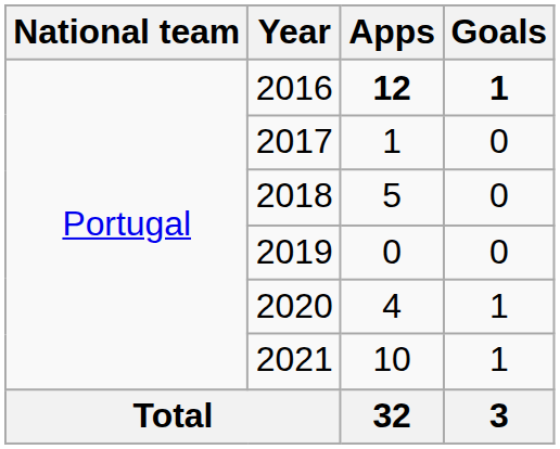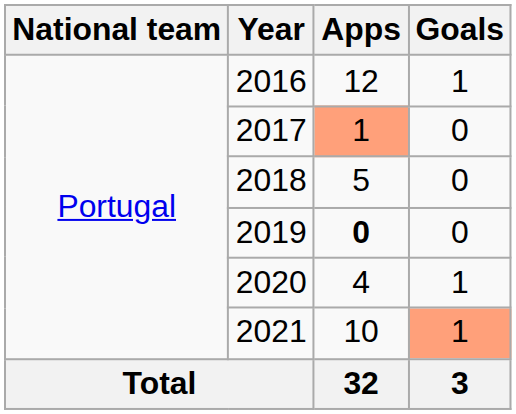 <table class="wikitable" style="text-align:center">
 <tr>
 <th>National team</th>
 <th>Year</th>
 <th>Apps</th>
 <th>Goals</th>
 </tr>
 <tr>
 <td rowspan="6"><a href='#'>Portugal</a></td>
 <td>2016</td>
-<td><strong>12</strong></td>
-<td><strong>1</strong></td>
+<td>12</td>
+<td>1</td>
 </tr>
 <tr>
 <td>2017</td>
-<td>1</td>
+<td style="background: lightsalmon;">1</td>
 <td>0</td>
 </tr>
 <tr>
 <td>2018</td>
 <td>5</td>
 <td>0</td>
 </tr>
 <tr>
 <td>2019</td>
-<td>0</td>
+<td><strong>0</strong></td>
 <td>0</td>
 </tr>
 <tr>
 <td>2020</td>
 <td>4</td>
 <td>1</td>
 </tr>
 <tr>
 <td>2021</td>
 <td>10</td>
-<td>1</td>
+<td style="background: lightsalmon;">1</td>
 </tr>
 <tr>
 <th colspan="2">Total</th>
 <th>32</th>
 <th>3</th>
 </tr>
 </table>
